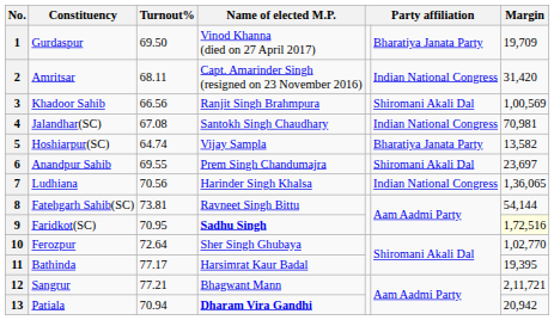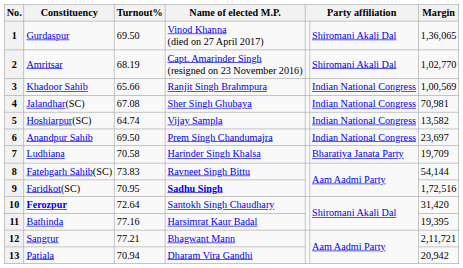 <table class="sortable wikitable" style="font-size: 95%;" style="text-align:center">
 <tr>
 <th>No.</th>
 <th>Constituency</th>
 <th>Turnout%</th>
 <th>Name of elected M.P.</th>
 <th colspan="2">Party affiliation</th>
 <th>Margin</th>
 </tr>
 <tr>
 <th>1</th>
 <td><a href='#'>Gurdaspur</a></td>
 <td>69.50 </td>
 <td><a href='#'>Vinod Khanna</a><br>(died on 27 April 2017)</td>
 <td style="background-color: "></td>
-<td><a href='#'>Bharatiya Janata Party</a></td>
-<td>19,709</td>
+<td><a href='#'>Shiromani Akali Dal</a></td>
+<td>1,36,065</td>
 </tr>
 <tr>
 <th>2</th>
 <td><a href='#'>Amritsar</a></td>
-<td>68.11 </td>
+<td>68.19 </td>
 <td><a href='#'>Capt. Amarinder Singh</a><br>(resigned on 23 November 2016)</td>
 <td style="background-color: "></td>
-<td><a href='#'>Indian National Congress</a></td>
-<td>31,420</td>
+<td><a href='#'>Shiromani Akali Dal</a></td>
+<td>1,02,770</td>
 </tr>
 <tr>
 <th>3</th>
 <td><a href='#'>Khadoor Sahib</a></td>
-<td>66.56 </td>
+<td>65.66 </td>
 <td><a href='#'>Ranjit Singh Brahmpura</a></td>
 <td style="background-color: "></td>
-<td><a href='#'>Shiromani Akali Dal</a></td>
+<td><a href='#'>Indian National Congress</a></td>
 <td>1,00,569</td>
 </tr>
 <tr>
 <th>4</th>
 <td><a href='#'>Jalandhar</a>(SC)</td>
 <td>67.08 </td>
-<td><a href='#'>Santokh Singh Chaudhary</a></td>
+<td><a href='#'>Sher Singh Ghubaya</a></td>
 <td style="background-color: "></td>
 <td><a href='#'>Indian National Congress</a></td>
 <td>70,981</td>
 </tr>
 <tr>
 <th>5</th>
 <td><a href='#'>Hoshiarpur</a>(SC)</td>
 <td>64.74 </td>
 <td><a href='#'>Vijay Sampla</a></td>
 <td style="background-color: "></td>
-<td><a href='#'>Bharatiya Janata Party</a></td>
+<td><a href='#'>Indian National Congress</a></td>
 <td>13,582</td>
 </tr>
 <tr>
 <th>6</th>
 <td><a href='#'>Anandpur Sahib</a></td>
-<td>69.55 </td>
+<td>69.50 </td>
 <td><a href='#'>Prem Singh Chandumajra</a></td>
 <td style="background-color: "></td>
-<td><a href='#'>Shiromani Akali Dal</a></td>
+<td><a href='#'>Indian National Congress</a></td>
 <td>23,697</td>
 </tr>
 <tr>
 <th>7</th>
 <td><a href='#'>Ludhiana</a></td>
-<td>70.56 </td>
+<td>70.58 </td>
 <td><a href='#'>Harinder Singh Khalsa</a></td>
 <td style="background-color: "></td>
-<td><a href='#'>Indian National Congress</a></td>
-<td>1,36,065</td>
+<td><a href='#'>Bharatiya Janata Party</a></td>
+<td>19,709</td>
 </tr>
 <tr>
 <th>8</th>
 <td><a href='#'>Fatehgarh Sahib</a>(SC)</td>
-<td>73.81 </td>
+<td>73.83 </td>
 <td><a href='#'>Ravneet Singh Bittu</a></td>
 <td rowspan=2 style="background-color: "></td>
 <td rowspan=2><a href='#'>Aam Aadmi Party</a></td>
 <td>54,144</td>
 </tr>
 <tr>
 <th>9</th>
 <td><a href='#'>Faridkot</a>(SC)</td>
 <td>70.95 </td>
 <td><strong><a href='#'>Sadhu Singh</a></strong></td>
-<td style="background: lightyellow;">1,72,516</td>
+<td>1,72,516</td>
 </tr>
 <tr>
 <th>10</th>
-<td><a href='#'>Ferozpur</a></td>
+<td><strong><a href='#'>Ferozpur</a></strong></td>
 <td>72.64 </td>
-<td><a href='#'>Sher Singh Ghubaya</a></td>
+<td><a href='#'>Santokh Singh Chaudhary</a></td>
 <td rowspan=2 style="background-color: "></td>
 <td rowspan=2><a href='#'>Shiromani Akali Dal</a></td>
-<td>1,02,770</td>
+<td>31,420</td>
 </tr>
 <tr>
 <th>11</th>
 <td><a href='#'>Bathinda</a></td>
-<td>77.17 </td>
+<td>77.16 </td>
 <td><a href='#'>Harsimrat Kaur Badal</a></td>
 <td>19,395</td>
 </tr>
 <tr>
 <th>12</th>
 <td><a href='#'>Sangrur</a></td>
 <td>77.21 </td>
 <td><a href='#'>Bhagwant Mann</a></td>
 <td rowspan=2 style="background-color: "></td>
 <td rowspan=2><a href='#'>Aam Aadmi Party</a></td>
 <td>2,11,721</td>
 </tr>
 <tr>
 <th>13</th>
 <td><a href='#'>Patiala</a></td>
 <td>70.94 </td>
-<td><strong><a href='#'>Dharam Vira Gandhi</a></strong></td>
+<td><a href='#'>Dharam Vira Gandhi</a></td>
 <td>20,942</td>
 </tr>
 </table>
